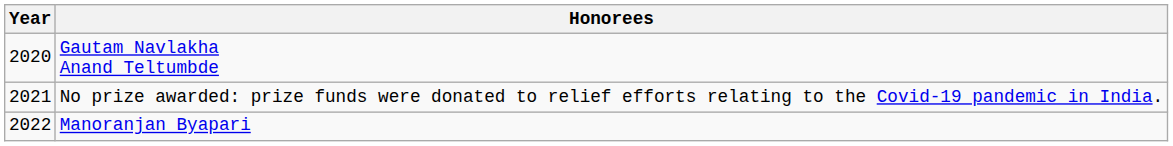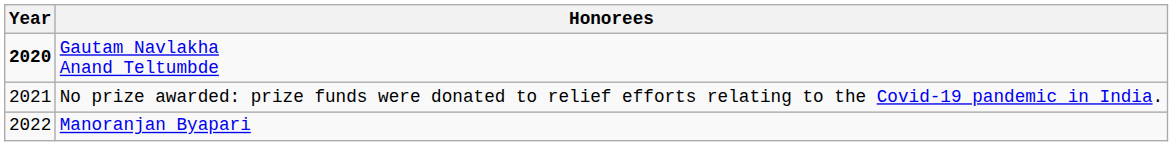 <table class="wikitable">
 <tr>
 <th>Year</th>
 <th>Honorees</th>
 </tr>
 <tr>
-<td>2020</td>
+<td><strong>2020</strong></td>
 <td><a href='#'>Gautam Navlakha</a><br><a href='#'>Anand Teltumbde</a></td>
 </tr>
 <tr>
 <td>2021</td>
 <td>No prize awarded: prize funds were donated to relief efforts relating to the <a href='#'>Covid-19 pandemic in India</a>.</td>
 </tr>
 <tr>
 <td>2022</td>
 <td><a href='#'>Manoranjan Byapari</a></td>
 </tr>
 </table>
